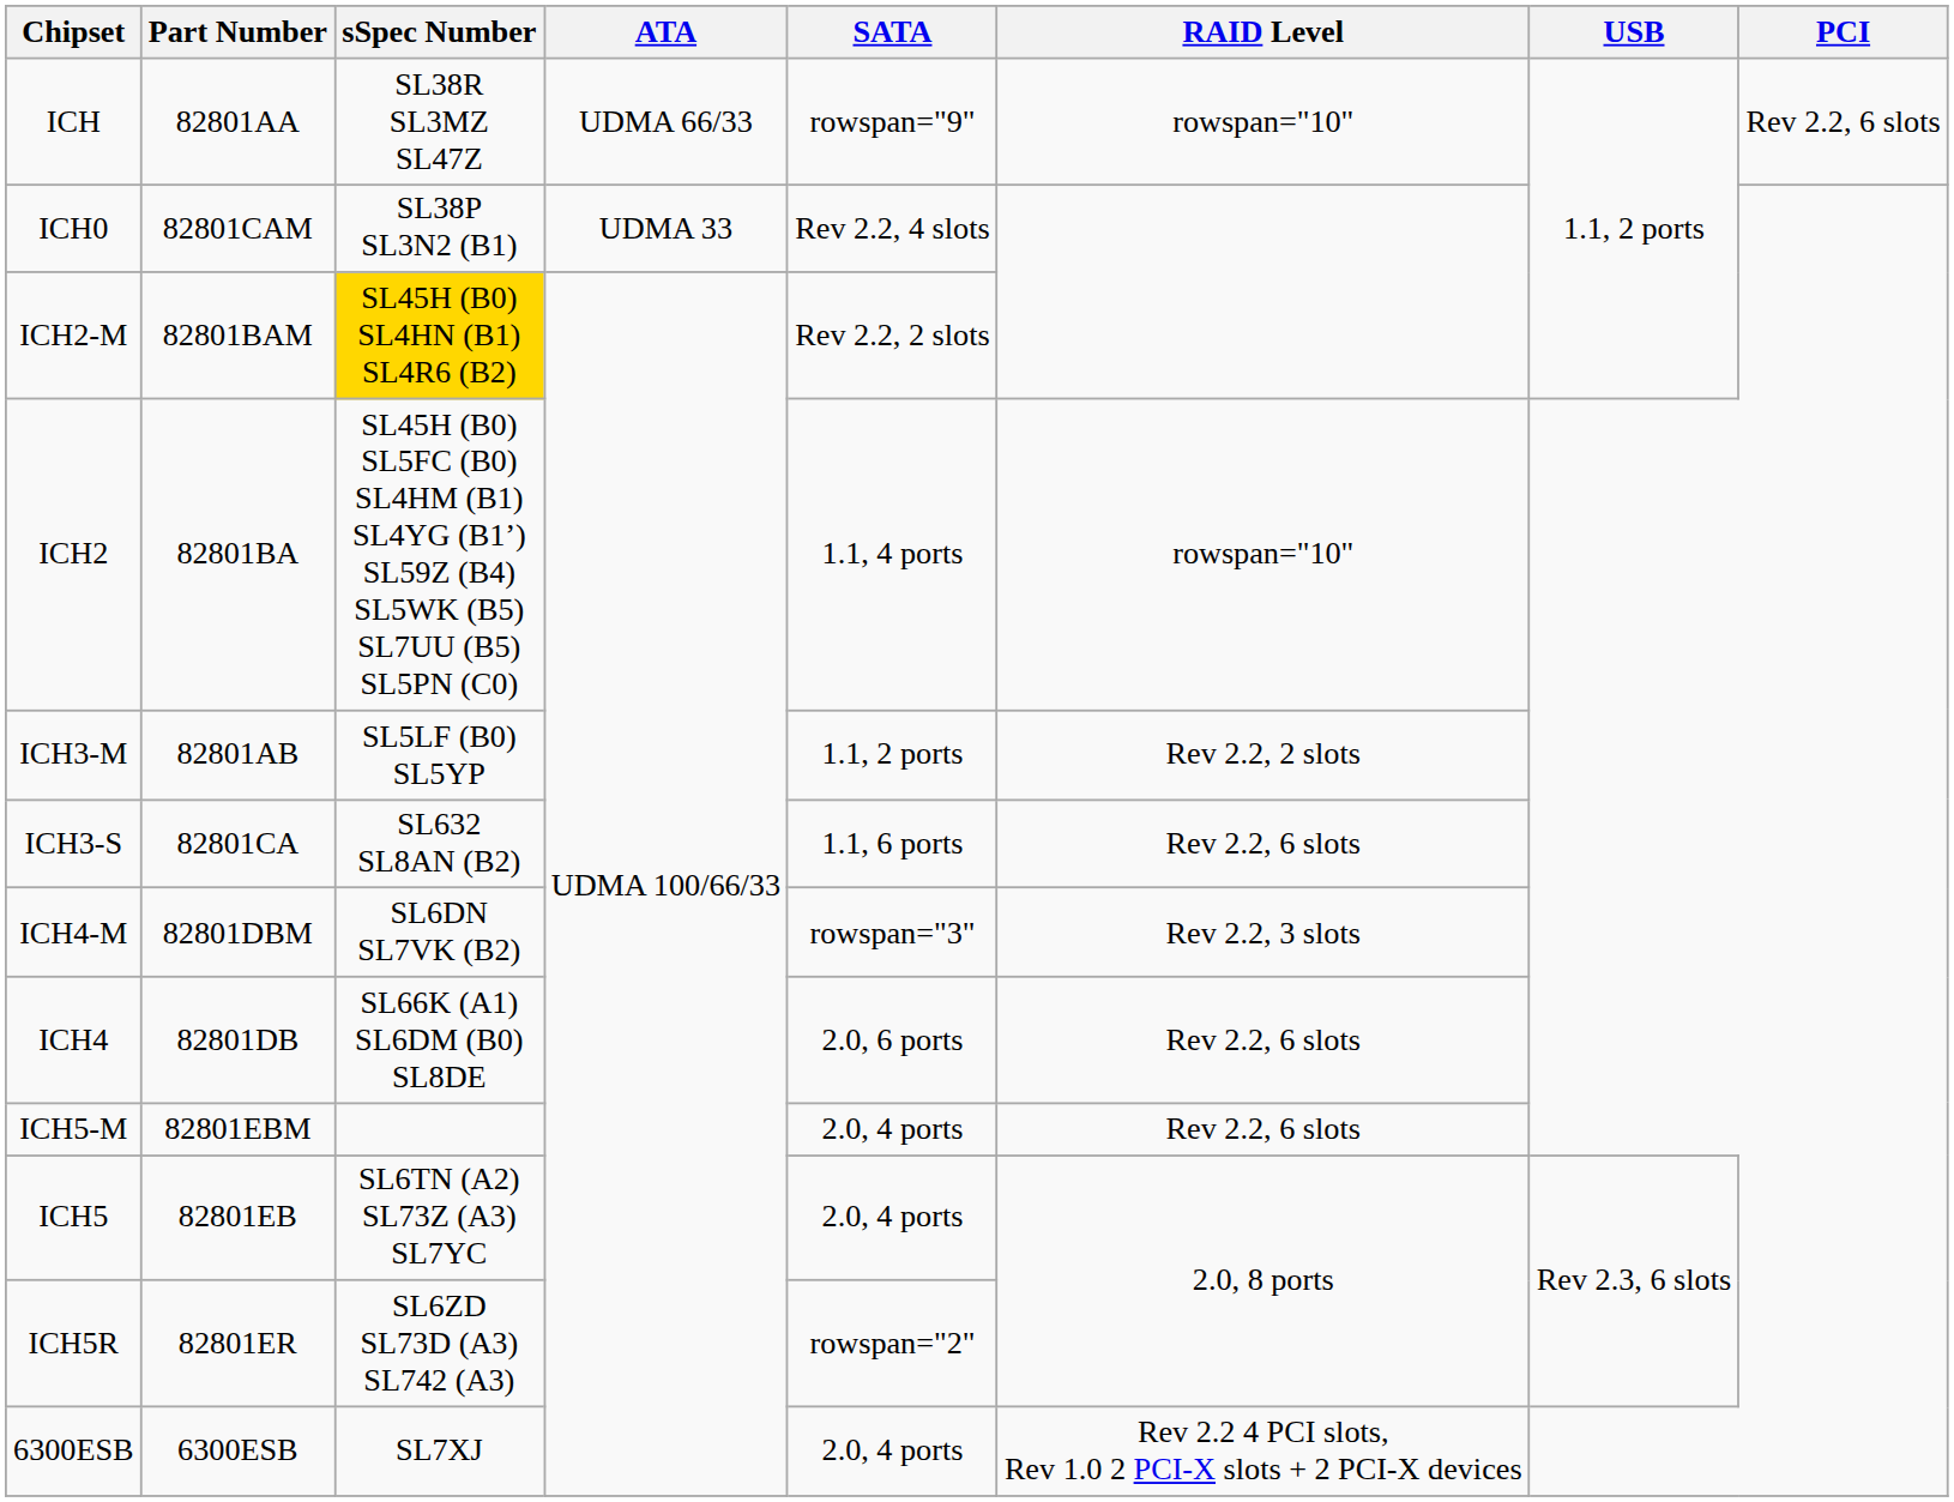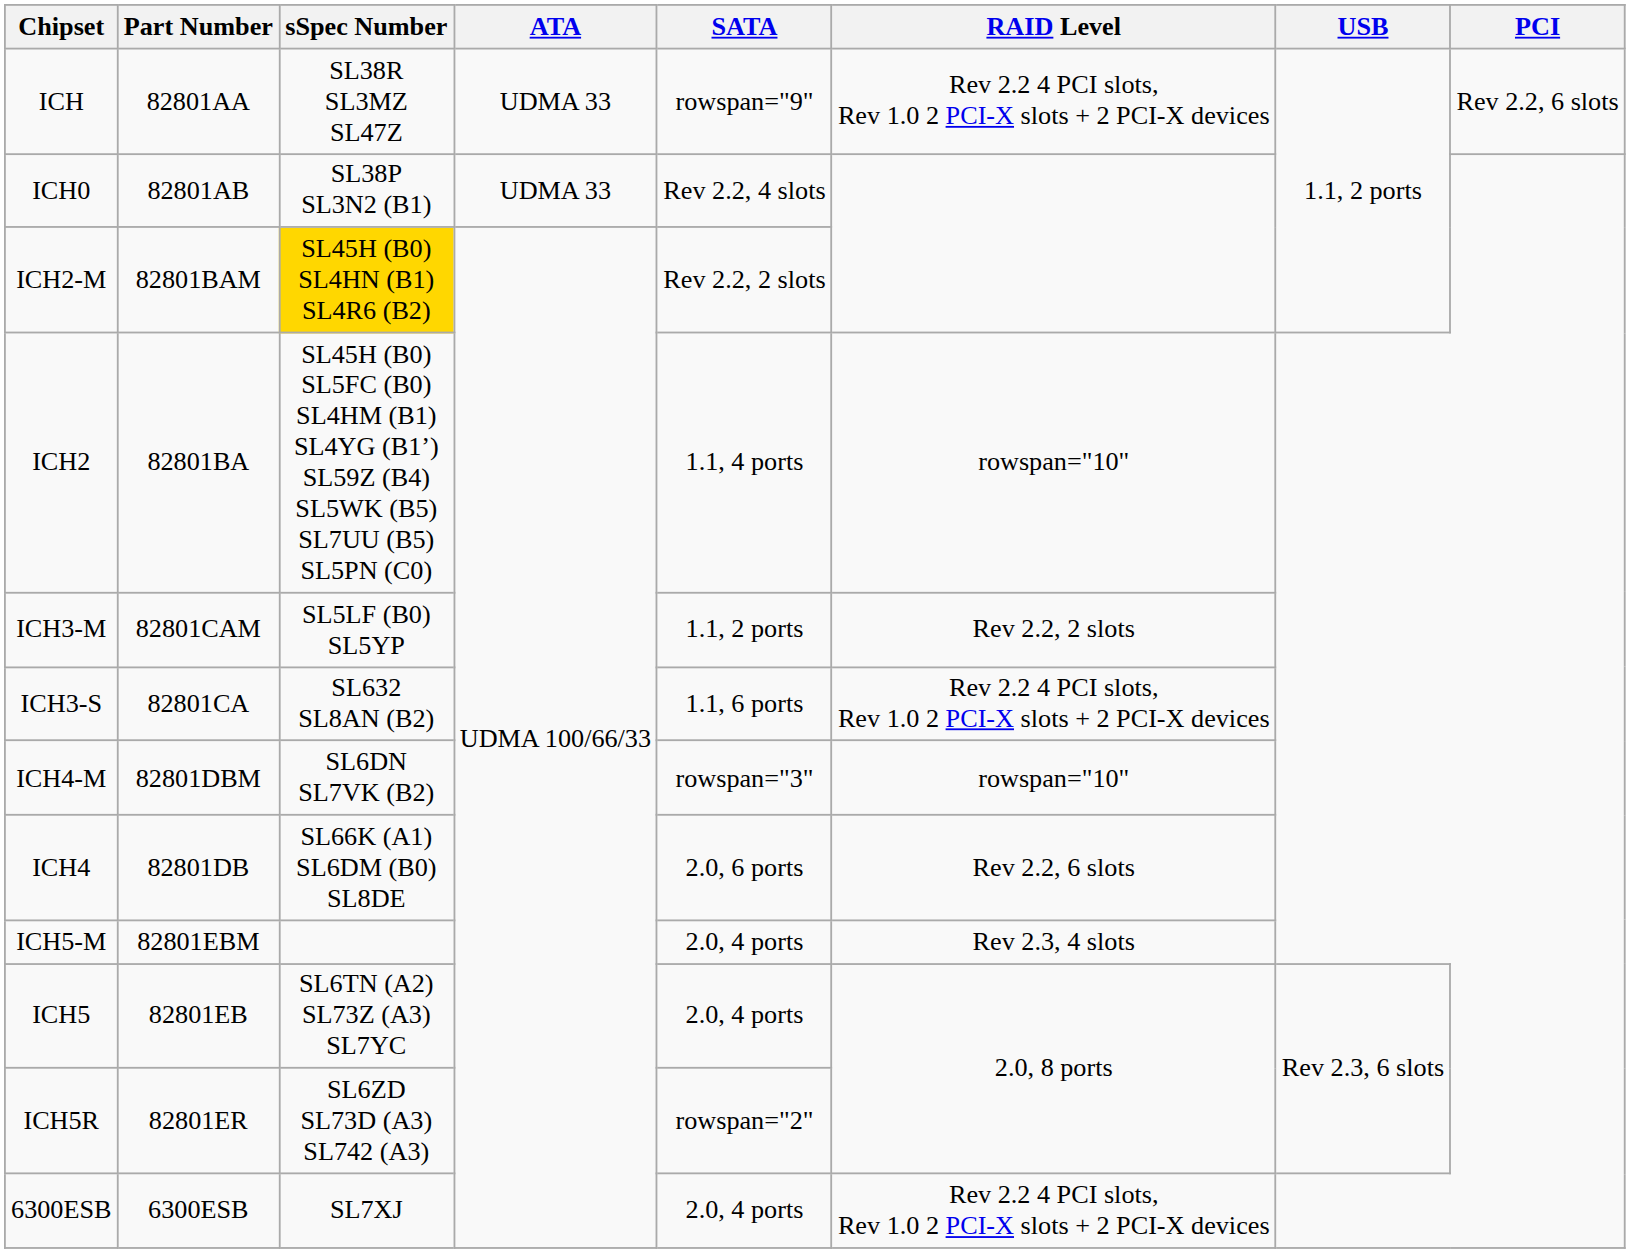 <table class="wikitable" style="font-size: 90%; text-align:center;">
 <tr>
 <th>Chipset</th>
 <th>Part Number</th>
 <th>sSpec Number</th>
 <th><a href='#'>ATA</a></th>
 <th><a href='#'>SATA</a></th>
 <th><a href='#'>RAID</a> Level</th>
 <th><a href='#'>USB</a></th>
 <th><a href='#'>PCI</a></th>
 </tr>
 <tr>
 <td>ICH</td>
 <td>82801AA</td>
 <td>SL38R<br>SL3MZ<br>SL47Z</td>
-<td>UDMA 66/33</td>
+<td>UDMA 33</td>
 <td>rowspan="9" </td>
-<td>rowspan="10" </td>
+<td>Rev 2.2 4 PCI slots,<br>Rev 1.0 2 <a href='#'>PCI-X</a> slots + 2 PCI-X devices</td>
 <td rowspan="3">1.1, 2 ports</td>
 <td>Rev 2.2, 6 slots</td>
 </tr>
 <tr>
 <td>ICH0</td>
-<td>82801CAM</td>
+<td>82801AB</td>
 <td>SL38P<br>SL3N2 (B1)</td>
 <td>UDMA 33</td>
 <td>Rev 2.2, 4 slots</td>
 </tr>
 <tr>
 <td>ICH2-M</td>
 <td>82801BAM</td>
 <td style="background: gold;">SL45H (B0)<br>SL4HN (B1)<br>SL4R6 (B2)</td>
 <td rowspan="10">UDMA 100/66/33</td>
 <td>Rev 2.2, 2 slots</td>
 </tr>
 <tr>
 <td>ICH2</td>
 <td>82801BA</td>
 <td>SL45H (B0)<br>SL5FC (B0)<br>SL4HM (B1)<br>SL4YG (B1’)<br>SL59Z (B4)<br>SL5WK (B5)<br>SL7UU (B5)<br>SL5PN (C0)</td>
 <td>1.1, 4 ports</td>
 <td>rowspan="10" </td>
 </tr>
 <tr>
 <td>ICH3-M</td>
-<td>82801AB</td>
+<td>82801CAM</td>
 <td>SL5LF (B0)<br>SL5YP</td>
 <td>1.1, 2 ports</td>
 <td>Rev 2.2, 2 slots</td>
 </tr>
 <tr>
 <td>ICH3-S</td>
 <td>82801CA</td>
 <td>SL632<br>SL8AN (B2)</td>
 <td>1.1, 6 ports</td>
-<td>Rev 2.2, 6 slots</td>
+<td>Rev 2.2 4 PCI slots,<br>Rev 1.0 2 <a href='#'>PCI-X</a> slots + 2 PCI-X devices</td>
 </tr>
 <tr>
 <td>ICH4-M</td>
 <td>82801DBM</td>
 <td>SL6DN<br>SL7VK (B2)</td>
 <td>rowspan="3" </td>
-<td>Rev 2.2, 3 slots</td>
+<td>rowspan="10" </td>
 </tr>
 <tr>
 <td>ICH4</td>
 <td>82801DB</td>
 <td>SL66K (A1)<br>SL6DM (B0)<br>SL8DE</td>
 <td>2.0, 6 ports</td>
 <td>Rev 2.2, 6 slots</td>
 </tr>
 <tr>
 <td>ICH5-M</td>
 <td>82801EBM</td>
 <td></td>
 <td>2.0, 4 ports</td>
-<td>Rev 2.2, 6 slots</td>
+<td>Rev 2.3, 4 slots</td>
 </tr>
 <tr>
 <td>ICH5</td>
 <td>82801EB</td>
 <td>SL6TN (A2)<br>SL73Z (A3)<br>SL7YC</td>
 <td>2.0, 4 ports</td>
 <td rowspan="2">2.0, 8 ports</td>
 <td rowspan="2">Rev 2.3, 6 slots</td>
 </tr>
 <tr>
 <td>ICH5R</td>
 <td>82801ER</td>
 <td>SL6ZD<br>SL73D (A3)<br>SL742 (A3)</td>
 <td>rowspan="2" </td>
 </tr>
 <tr>
 <td>6300ESB</td>
 <td>6300ESB</td>
 <td>SL7XJ</td>
 <td>2.0, 4 ports</td>
 <td>Rev 2.2 4 PCI slots,<br>Rev 1.0 2 <a href='#'>PCI-X</a> slots + 2 PCI-X devices</td>
 </tr>
 </table>
